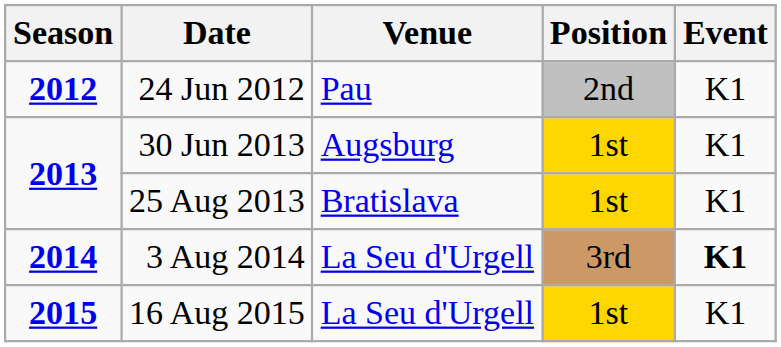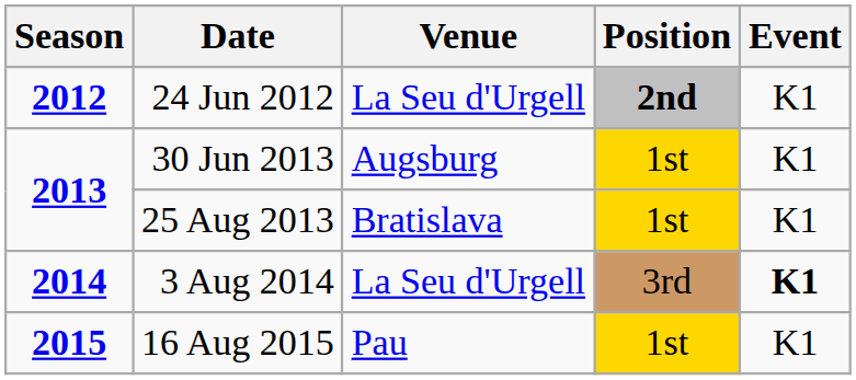 <table class="wikitable" style="text-align:center; font-size:95%;">
 <tr>
 <th>Season</th>
 <th>Date</th>
 <th>Venue</th>
 <th>Position</th>
 <th>Event</th>
 </tr>
 <tr>
 <td><strong><a href='#'>2012</a></strong></td>
 <td align=right>24 Jun 2012</td>
-<td align=left><a href='#'>Pau</a></td>
-<td bgcolor=silver>2nd</td>
+<td align=left><a href='#'>La Seu d'Urgell</a></td>
+<td bgcolor=silver><strong>2nd</strong></td>
 <td>K1</td>
 </tr>
 <tr>
 <td rowspan=2><strong><a href='#'>2013</a></strong></td>
 <td align=right>30 Jun 2013</td>
 <td align=left><a href='#'>Augsburg</a></td>
 <td bgcolor=gold>1st</td>
 <td>K1</td>
 </tr>
 <tr>
 <td align=right>25 Aug 2013</td>
 <td align=left><a href='#'>Bratislava</a></td>
 <td bgcolor=gold>1st</td>
 <td>K1</td>
 </tr>
 <tr>
 <td><strong><a href='#'>2014</a></strong></td>
 <td align=right>3 Aug 2014</td>
 <td align=left><a href='#'>La Seu d'Urgell</a></td>
 <td bgcolor=cc9966>3rd</td>
 <td><strong>K1</strong></td>
 </tr>
 <tr>
 <td><strong><a href='#'>2015</a></strong></td>
 <td align=right>16 Aug 2015</td>
-<td align=left><a href='#'>La Seu d'Urgell</a></td>
+<td align=left><a href='#'>Pau</a></td>
 <td bgcolor=gold>1st</td>
 <td>K1</td>
 </tr>
 </table>
